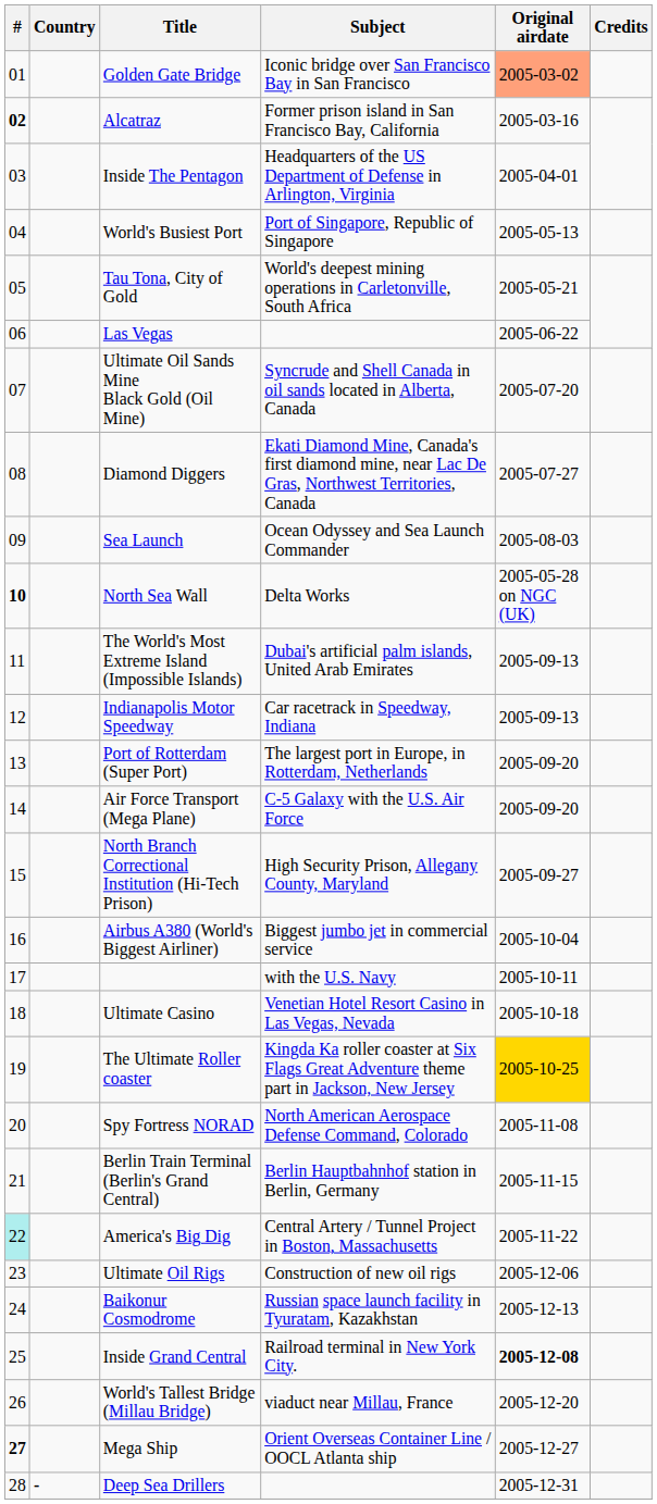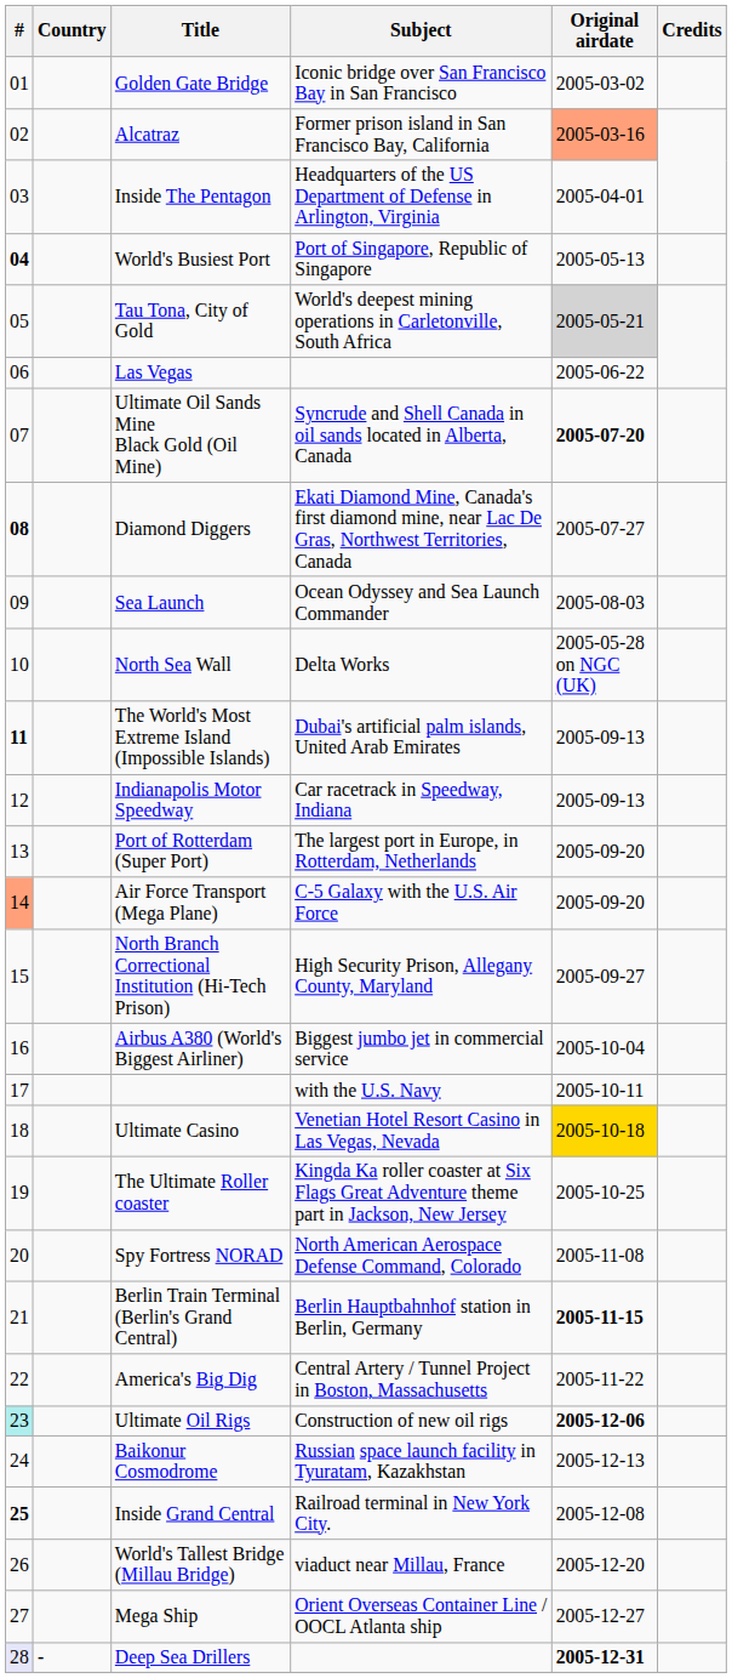 <table class="wikitable sortable">
 <tr>
 <th>#</th>
 <th>Country</th>
 <th>Title</th>
 <th>Subject</th>
 <th>Original airdate</th>
 <th>Credits</th>
 </tr>
 <tr>
 <td>01</td>
 <td><strong></strong></td>
 <td><a href='#'>Golden Gate Bridge</a></td>
 <td>Iconic bridge over <a href='#'>San Francisco Bay</a> in San Francisco</td>
-<td style="background: lightsalmon;">2005-03-02</td>
+<td>2005-03-02</td>
 <td></td>
 </tr>
 <tr>
-<td><strong>02</strong></td>
+<td>02</td>
 <td><strong></strong></td>
 <td><a href='#'>Alcatraz</a></td>
 <td>Former prison island in San Francisco Bay, California</td>
-<td>2005-03-16</td>
+<td style="background: lightsalmon;">2005-03-16</td>
 </tr>
 <tr>
 <td>03</td>
 <td><strong></strong></td>
 <td>Inside <a href='#'>The Pentagon</a></td>
 <td>Headquarters of the <a href='#'>US Department of Defense</a> in <a href='#'>Arlington, Virginia</a></td>
 <td>2005-04-01</td>
 </tr>
 <tr>
-<td>04</td>
+<td><strong>04</strong></td>
 <td><strong></strong></td>
 <td>World's Busiest Port</td>
 <td><a href='#'>Port of Singapore</a>, Republic of Singapore</td>
 <td>2005-05-13</td>
 <td></td>
 </tr>
 <tr>
 <td>05</td>
 <td><strong></strong></td>
 <td><a href='#'>Tau Tona</a>, City of Gold</td>
 <td>World's deepest mining operations in <a href='#'>Carletonville</a>, South Africa</td>
-<td>2005-05-21</td>
+<td style="background: lightgrey;">2005-05-21</td>
 </tr>
 <tr>
 <td>06</td>
 <td><strong></strong></td>
 <td><a href='#'>Las Vegas</a></td>
 <td></td>
 <td>2005-06-22</td>
 </tr>
 <tr>
 <td>07</td>
 <td><strong></strong></td>
 <td>Ultimate Oil Sands Mine<br>Black Gold (Oil Mine)</td>
 <td><a href='#'>Syncrude</a> and <a href='#'>Shell Canada</a> in <a href='#'>oil sands</a> located in <a href='#'>Alberta</a>, Canada</td>
-<td>2005-07-20</td>
+<td><strong>2005-07-20</strong></td>
 <td></td>
 </tr>
 <tr>
-<td>08</td>
+<td><strong>08</strong></td>
 <td><strong></strong></td>
 <td>Diamond Diggers</td>
 <td><a href='#'>Ekati Diamond Mine</a>, Canada's first diamond mine, near <a href='#'>Lac De Gras</a>, <a href='#'>Northwest Territories</a>, Canada</td>
 <td>2005-07-27</td>
 <td></td>
 </tr>
 <tr>
 <td>09</td>
 <td><strong></strong></td>
 <td><a href='#'>Sea Launch</a></td>
 <td>Ocean Odyssey and Sea Launch Commander</td>
 <td>2005-08-03</td>
 <td></td>
 </tr>
 <tr>
-<td><strong>10</strong></td>
+<td>10</td>
 <td><strong></strong></td>
 <td><a href='#'>North Sea</a> Wall</td>
 <td>Delta Works</td>
 <td>2005-05-28 on <a href='#'>NGC (UK)</a></td>
 <td></td>
 </tr>
 <tr>
-<td>11</td>
+<td><strong>11</strong></td>
 <td><strong></strong></td>
 <td>The World's Most Extreme Island (Impossible Islands)</td>
 <td><a href='#'>Dubai</a>'s artificial <a href='#'>palm islands</a>, United Arab Emirates</td>
 <td>2005-09-13</td>
 <td></td>
 </tr>
 <tr>
 <td>12</td>
 <td><strong></strong></td>
 <td><a href='#'>Indianapolis Motor Speedway</a></td>
 <td>Car racetrack in <a href='#'>Speedway, Indiana</a></td>
 <td>2005-09-13</td>
 <td></td>
 </tr>
 <tr>
 <td>13</td>
 <td><strong></strong></td>
 <td><a href='#'>Port of Rotterdam</a> (Super Port)</td>
 <td>The largest port in Europe, in <a href='#'>Rotterdam, Netherlands</a></td>
 <td>2005-09-20</td>
 <td></td>
 </tr>
 <tr>
-<td>14</td>
+<td style="background: lightsalmon;">14</td>
 <td><strong></strong></td>
 <td>Air Force Transport (Mega Plane)</td>
 <td><a href='#'>C-5 Galaxy</a> with the <a href='#'>U.S. Air Force</a></td>
 <td>2005-09-20</td>
 </tr>
 <tr>
 <td>15</td>
 <td><strong></strong></td>
 <td><a href='#'>North Branch Correctional Institution</a> (Hi-Tech Prison)</td>
 <td>High Security Prison, <a href='#'>Allegany County, Maryland</a></td>
 <td>2005-09-27</td>
 <td></td>
 </tr>
 <tr>
 <td>16</td>
 <td><strong></strong></td>
 <td><a href='#'>Airbus A380</a> (World's Biggest Airliner)</td>
 <td>Biggest <a href='#'>jumbo jet</a> in commercial service</td>
 <td>2005-10-04</td>
 <td></td>
 </tr>
 <tr>
 <td>17</td>
 <td><strong></strong></td>
 <td></td>
 <td> with the <a href='#'>U.S. Navy</a></td>
 <td>2005-10-11</td>
 <td></td>
 </tr>
 <tr>
 <td>18</td>
 <td><strong></strong></td>
 <td>Ultimate Casino</td>
 <td><a href='#'>Venetian Hotel Resort Casino</a> in <a href='#'>Las Vegas, Nevada</a></td>
-<td>2005-10-18</td>
+<td style="background: gold;">2005-10-18</td>
 <td></td>
 </tr>
 <tr>
 <td>19</td>
 <td><strong></strong></td>
 <td>The Ultimate <a href='#'>Roller coaster</a></td>
 <td><a href='#'>Kingda Ka</a> roller coaster at <a href='#'>Six Flags Great Adventure</a> theme part in <a href='#'>Jackson, New Jersey</a></td>
-<td style="background: gold;">2005-10-25</td>
+<td>2005-10-25</td>
 <td></td>
 </tr>
 <tr>
 <td>20</td>
 <td><strong></strong></td>
 <td>Spy Fortress <a href='#'>NORAD</a></td>
 <td><a href='#'>North American Aerospace Defense Command</a>, <a href='#'>Colorado</a></td>
 <td>2005-11-08</td>
 <td></td>
 </tr>
 <tr>
 <td>21</td>
 <td><strong></strong></td>
 <td>Berlin Train Terminal (Berlin's Grand Central)</td>
 <td><a href='#'>Berlin Hauptbahnhof</a> station in Berlin, Germany</td>
-<td>2005-11-15</td>
+<td><strong>2005-11-15</strong></td>
 </tr>
 <tr>
-<td style="background: paleturquoise;">22</td>
+<td>22</td>
 <td><strong></strong></td>
 <td>America's <a href='#'>Big Dig</a></td>
 <td>Central Artery / Tunnel Project in <a href='#'>Boston, Massachusetts</a></td>
 <td>2005-11-22</td>
 <td></td>
 </tr>
 <tr>
-<td>23</td>
+<td style="background: paleturquoise;">23</td>
 <td></td>
 <td>Ultimate <a href='#'>Oil Rigs</a></td>
 <td>Construction of new oil rigs</td>
-<td>2005-12-06</td>
+<td><strong>2005-12-06</strong></td>
 <td></td>
 </tr>
 <tr>
 <td>24</td>
 <td><strong></strong></td>
 <td><a href='#'>Baikonur Cosmodrome</a></td>
 <td><a href='#'>Russian</a> <a href='#'>space launch facility</a> in <a href='#'>Tyuratam</a>, Kazakhstan</td>
 <td>2005-12-13</td>
 </tr>
 <tr>
-<td>25</td>
+<td><strong>25</strong></td>
 <td><strong></strong></td>
 <td>Inside <a href='#'>Grand Central</a></td>
 <td>Railroad terminal in <a href='#'>New York City</a>.</td>
-<td><strong>2005-12-08</strong></td>
+<td>2005-12-08</td>
 <td></td>
 </tr>
 <tr>
 <td>26</td>
 <td><strong></strong></td>
 <td>World's Tallest Bridge (<a href='#'>Millau Bridge</a>)</td>
 <td>viaduct near <a href='#'>Millau</a>, France</td>
 <td>2005-12-20</td>
 <td></td>
 </tr>
 <tr>
-<td><strong>27</strong></td>
+<td>27</td>
 <td><strong></strong></td>
 <td>Mega Ship</td>
 <td><a href='#'>Orient Overseas Container Line</a> / OOCL Atlanta ship</td>
 <td>2005-12-27</td>
 <td></td>
 </tr>
 <tr>
-<td>28</td>
+<td style="background: lavender;">28</td>
 <td><strong>-</strong></td>
 <td><a href='#'>Deep Sea Drillers</a></td>
 <td></td>
-<td>2005-12-31</td>
+<td><strong>2005-12-31</strong></td>
 <td></td>
 </tr>
 <tr>
 </tr>
 </table>
